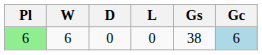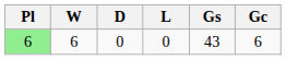 <table class="wikitable" style="text-align:center">
 <tr>
 <th width=40px>Pl</th>
 <th width=40px>W</th>
 <th width=40px>D</th>
 <th width=40px>L</th>
 <th width=40px>Gs</th>
 <th width=40px>Gc</th>
 </tr>
 <tr>
 <td style="background: lightgreen;">6</td>
 <td>6</td>
 <td>0</td>
 <td>0</td>
-<td>38</td>
-<td style="background: lightblue;">6</td>
+<td>43</td>
+<td>6</td>
 </tr>
 </table>
